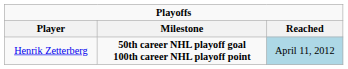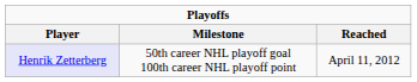 <table class="wikitable" style="width:60%; text-align:center;">
 <tr>
 <td colspan="10" style="text-align:center;"><strong>Playoffs</strong></td>
 </tr>
 <tr>
 <th>Player</th>
 <th>Milestone</th>
 <th>Reached</th>
 </tr>
 <tr>
-<td><a href='#'>Henrik Zetterberg</a></td>
-<td><strong>50th career NHL playoff goal<br>100th career NHL playoff point</strong></td>
-<td style="background: lightblue;">April 11, 2012</td>
+<td style="background: lavender;"><a href='#'>Henrik Zetterberg</a></td>
+<td>50th career NHL playoff goal<br>100th career NHL playoff point</td>
+<td>April 11, 2012</td>
 </tr>
 </table>
